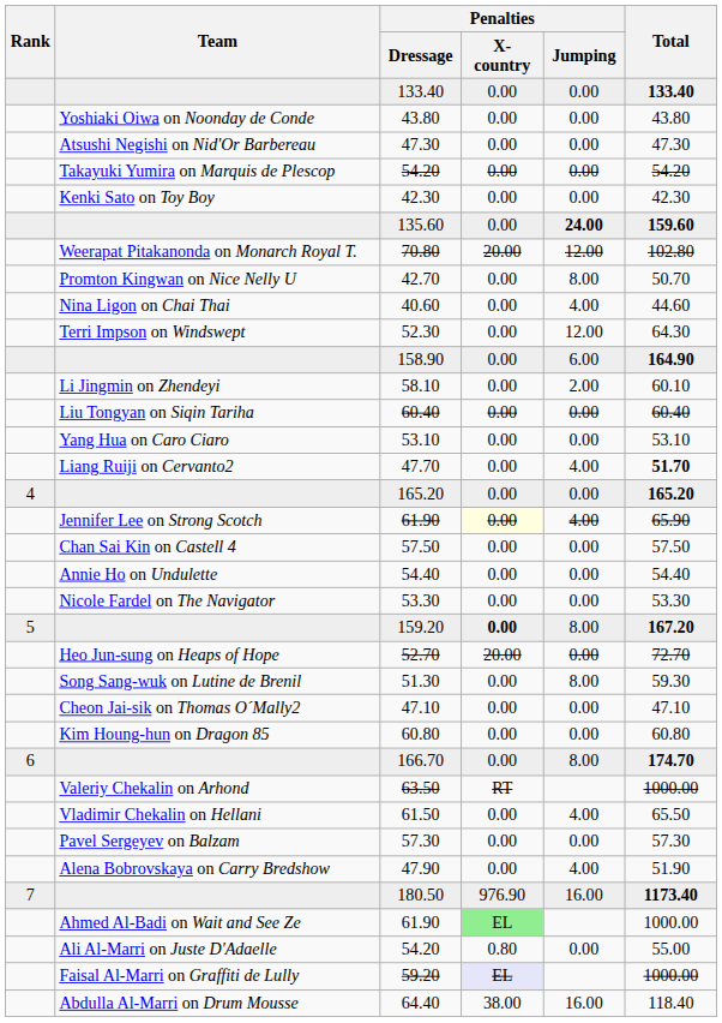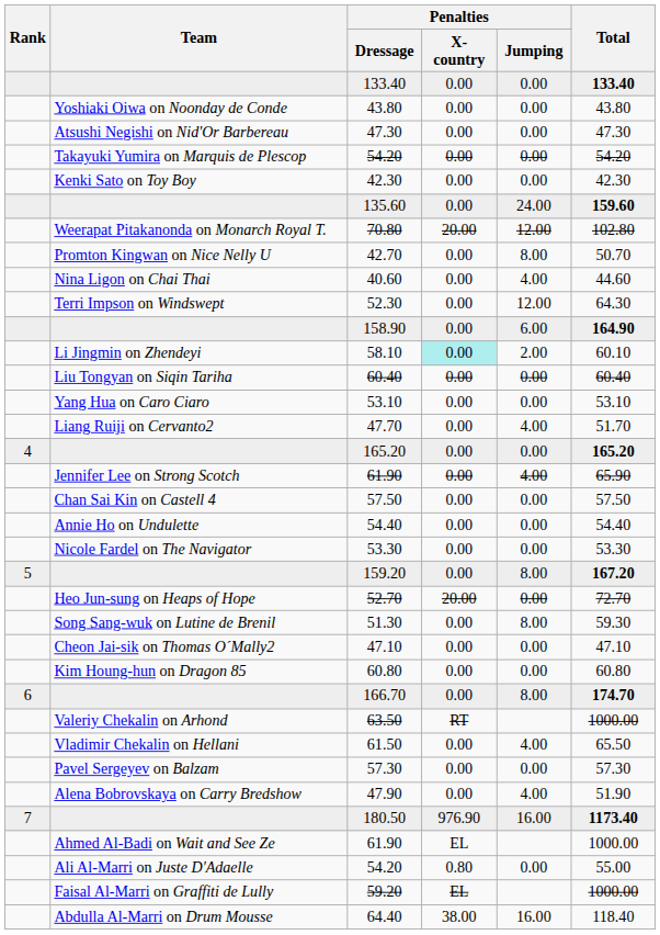 <table class=wikitable style="text-align:center">
 <tr>
 <th rowspan=2 width=40>Rank</th>
 <th rowspan=2 width=300>Team</th>
 <th colspan=3>Penalties</th>
 <th rowspan=2 width=80>Total</th>
 </tr>
 <tr>
 <th width=70>Dressage</th>
 <th width=70>X-country</th>
 <th width=70>Jumping</th>
 </tr>
 <tr bgcolor=eeeeee>
 <td></td>
 <td align=left></td>
 <td>133.40</td>
 <td>0.00</td>
 <td>0.00</td>
 <td><strong>133.40</strong></td>
 </tr>
 <tr>
 <td></td>
 <td align=left><a href='#'>Yoshiaki Oiwa</a> on <em>Noonday de Conde</em></td>
 <td>43.80</td>
 <td>0.00</td>
 <td>0.00</td>
 <td>43.80</td>
 </tr>
 <tr>
 <td></td>
 <td align=left><a href='#'>Atsushi Negishi</a> on <em>Nid'Or Barbereau</em></td>
 <td>47.30</td>
 <td>0.00</td>
 <td>0.00</td>
 <td>47.30</td>
 </tr>
 <tr>
 <td></td>
 <td align=left><a href='#'>Takayuki Yumira</a> on <em>Marquis de Plescop</em></td>
 <td><s>54.20</s></td>
 <td><s>0.00</s></td>
 <td><s>0.00</s></td>
 <td><s>54.20</s></td>
 </tr>
 <tr>
 <td></td>
 <td align=left><a href='#'>Kenki Sato</a> on <em>Toy Boy </em></td>
 <td>42.30</td>
 <td>0.00</td>
 <td>0.00</td>
 <td>42.30</td>
 </tr>
 <tr bgcolor=eeeeee>
 <td></td>
 <td align=left></td>
 <td>135.60</td>
 <td>0.00</td>
-<td><strong>24.00</strong></td>
+<td>24.00</td>
 <td><strong>159.60</strong></td>
 </tr>
 <tr>
 <td></td>
 <td align=left><a href='#'>Weerapat Pitakanonda</a> on <em>Monarch Royal T. </em></td>
 <td><s>70.80</s></td>
 <td><s>20.00</s></td>
 <td><s>12.00</s></td>
 <td><s>102.80</s></td>
 </tr>
 <tr>
 <td></td>
 <td align=left><a href='#'>Promton Kingwan</a> on <em>Nice Nelly U </em></td>
 <td>42.70</td>
 <td>0.00</td>
 <td>8.00</td>
 <td>50.70</td>
 </tr>
 <tr>
 <td></td>
 <td align=left><a href='#'>Nina Ligon</a> on <em>Chai Thai</em></td>
 <td>40.60</td>
 <td>0.00</td>
 <td>4.00</td>
 <td>44.60</td>
 </tr>
 <tr>
 <td></td>
 <td align=left><a href='#'>Terri Impson</a> on <em>Windswept</em></td>
 <td>52.30</td>
 <td>0.00</td>
 <td>12.00</td>
 <td>64.30</td>
 </tr>
 <tr bgcolor=eeeeee>
 <td></td>
 <td align=left></td>
 <td>158.90</td>
 <td>0.00</td>
 <td>6.00</td>
 <td><strong>164.90</strong></td>
 </tr>
 <tr>
 <td></td>
 <td align=left><a href='#'>Li Jingmin</a> on <em>Zhendeyi </em></td>
 <td>58.10</td>
-<td>0.00</td>
+<td style="background: paleturquoise;">0.00</td>
 <td>2.00</td>
 <td>60.10</td>
 </tr>
 <tr>
 <td></td>
 <td align=left><a href='#'>Liu Tongyan</a> on <em>Siqin Tariha</em></td>
 <td><s>60.40</s></td>
 <td><s>0.00</s></td>
 <td><s>0.00</s></td>
 <td><s>60.40</s></td>
 </tr>
 <tr>
 <td></td>
 <td align=left><a href='#'>Yang Hua</a> on <em>Caro Ciaro</em></td>
 <td>53.10</td>
 <td>0.00</td>
 <td>0.00</td>
 <td>53.10</td>
 </tr>
 <tr>
 <td></td>
 <td align=left><a href='#'>Liang Ruiji</a> on <em>Cervanto2</em></td>
 <td>47.70</td>
 <td>0.00</td>
 <td>4.00</td>
-<td><strong>51.70</strong></td>
+<td>51.70</td>
 </tr>
 <tr bgcolor=eeeeee>
 <td>4</td>
 <td align=left></td>
 <td>165.20</td>
 <td>0.00</td>
 <td>0.00</td>
 <td><strong>165.20</strong></td>
 </tr>
 <tr>
 <td></td>
 <td align=left><a href='#'>Jennifer Lee</a> on <em>Strong Scotch </em></td>
 <td><s>61.90</s></td>
-<td style="background: lightyellow;"><s>0.00</s></td>
+<td><s>0.00</s></td>
 <td><s>4.00</s></td>
 <td><s>65.90</s></td>
 </tr>
 <tr>
 <td></td>
 <td align=left><a href='#'>Chan Sai Kin</a> on <em>Castell 4</em></td>
 <td>57.50</td>
 <td>0.00</td>
 <td>0.00</td>
 <td>57.50</td>
 </tr>
 <tr>
 <td></td>
 <td align=left><a href='#'>Annie Ho</a> on <em>Undulette </em></td>
 <td>54.40</td>
 <td>0.00</td>
 <td>0.00</td>
 <td>54.40</td>
 </tr>
 <tr>
 <td></td>
 <td align=left><a href='#'>Nicole Fardel</a> on <em>The Navigator</em></td>
 <td>53.30</td>
 <td>0.00</td>
 <td>0.00</td>
 <td>53.30</td>
 </tr>
 <tr bgcolor=eeeeee>
 <td>5</td>
 <td align=left></td>
 <td>159.20</td>
-<td><strong>0.00</strong></td>
+<td>0.00</td>
 <td>8.00</td>
 <td><strong>167.20</strong></td>
 </tr>
 <tr>
 <td></td>
 <td align=left><a href='#'>Heo Jun-sung</a> on <em>Heaps of Hope </em></td>
 <td><s>52.70</s></td>
 <td><s>20.00</s></td>
 <td><s>0.00</s></td>
 <td><s>72.70</s></td>
 </tr>
 <tr>
 <td></td>
 <td align=left><a href='#'>Song Sang-wuk</a> on <em>Lutine de Brenil </em></td>
 <td>51.30</td>
 <td>0.00</td>
 <td>8.00</td>
 <td>59.30</td>
 </tr>
 <tr>
 <td></td>
 <td align=left><a href='#'>Cheon Jai-sik</a> on <em>Thomas O´Mally2</em></td>
 <td>47.10</td>
 <td>0.00</td>
 <td>0.00</td>
 <td>47.10</td>
 </tr>
 <tr>
 <td></td>
 <td align=left><a href='#'>Kim Houng-hun</a> on <em>Dragon 85 </em></td>
 <td>60.80</td>
 <td>0.00</td>
 <td>0.00</td>
 <td>60.80</td>
 </tr>
 <tr bgcolor=eeeeee>
 <td>6</td>
 <td align=left></td>
 <td>166.70</td>
 <td>0.00</td>
 <td>8.00</td>
 <td><strong>174.70</strong></td>
 </tr>
 <tr>
 <td></td>
 <td align=left><a href='#'>Valeriy Chekalin</a> on <em>Arhond </em></td>
 <td><s>63.50</s></td>
 <td><s>RT</s></td>
 <td></td>
 <td><s>1000.00</s></td>
 </tr>
 <tr>
 <td></td>
 <td align=left><a href='#'>Vladimir Chekalin</a> on <em>Hellani</em></td>
 <td>61.50</td>
 <td>0.00</td>
 <td>4.00</td>
 <td>65.50</td>
 </tr>
 <tr>
 <td></td>
 <td align=left><a href='#'>Pavel Sergeyev</a> on <em>Balzam</em></td>
 <td>57.30</td>
 <td>0.00</td>
 <td>0.00</td>
 <td>57.30</td>
 </tr>
 <tr>
 <td></td>
 <td align=left><a href='#'>Alena Bobrovskaya</a> on <em>Carry Bredshow</em></td>
 <td>47.90</td>
 <td>0.00</td>
 <td>4.00</td>
 <td>51.90</td>
 </tr>
 <tr bgcolor=eeeeee>
 <td>7</td>
 <td align=left></td>
 <td>180.50</td>
 <td>976.90</td>
 <td>16.00</td>
 <td><strong>1173.40</strong></td>
 </tr>
 <tr>
 <td></td>
 <td align=left><a href='#'>Ahmed Al-Badi</a> on <em>Wait and See Ze</em></td>
 <td>61.90</td>
-<td style="background: lightgreen;">EL</td>
+<td>EL</td>
 <td></td>
 <td>1000.00</td>
 </tr>
 <tr>
 <td></td>
 <td align=left><a href='#'>Ali Al-Marri</a> on <em>Juste D'Adaelle</em></td>
 <td>54.20</td>
 <td>0.80</td>
 <td>0.00</td>
 <td>55.00</td>
 </tr>
 <tr>
 <td></td>
 <td align=left><a href='#'>Faisal Al-Marri</a> on <em>Graffiti de Lully</em></td>
 <td><s>59.20</s></td>
-<td style="background: lavender;"><s>EL</s></td>
+<td><s>EL</s></td>
 <td></td>
 <td><s>1000.00</s></td>
 </tr>
 <tr>
 <td></td>
 <td align=left><a href='#'>Abdulla Al-Marri</a> on <em>Drum Mousse </em></td>
 <td>64.40</td>
 <td>38.00</td>
 <td>16.00</td>
 <td>118.40</td>
 </tr>
 </table>
